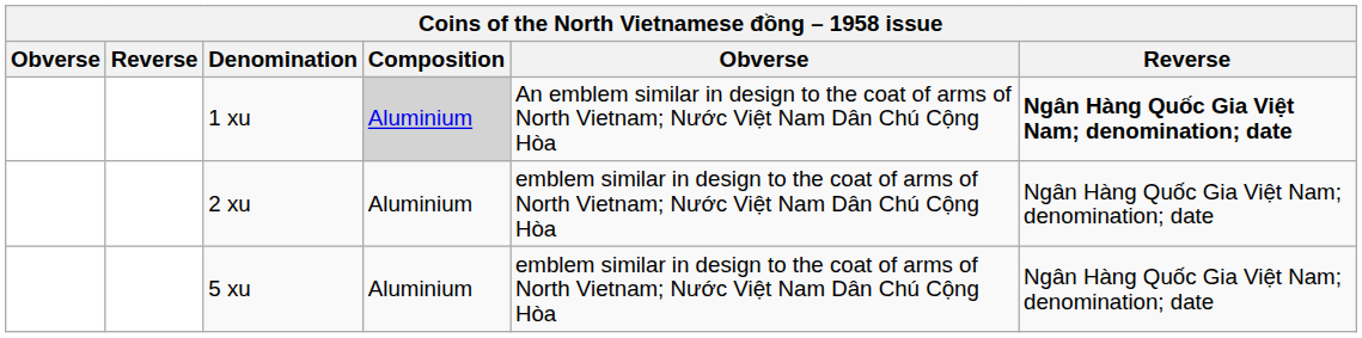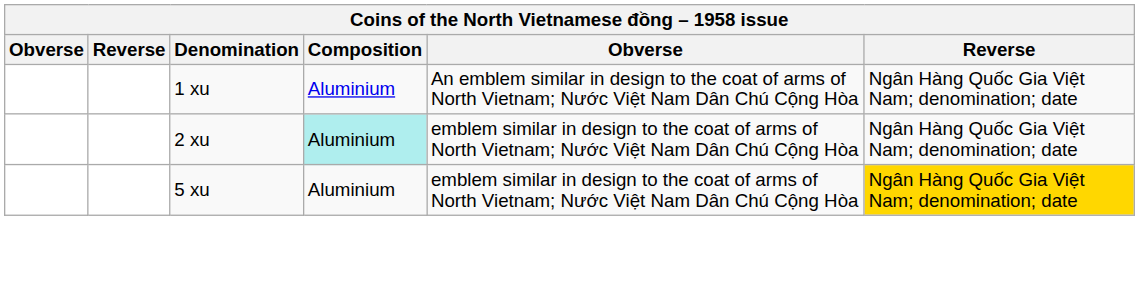 <table class="wikitable" style="font-size: 90%">
 <tr>
 <th colspan="14">Coins of the North Vietnamese đồng – 1958 issue</th>
 </tr>
 <tr>
 <th>Obverse</th>
 <th>Reverse</th>
 <th>Denomination</th>
 <th>Composition</th>
 <th>Obverse</th>
 <th>Reverse</th>
 </tr>
 <tr>
 <td style="text-align:center; background:#fff;"></td>
 <td style="text-align:center; background:#fff;"></td>
 <td>1 xu</td>
-<td style="background: lightgrey;"><a href='#'>Aluminium</a></td>
+<td><a href='#'>Aluminium</a></td>
 <td>An emblem similar in design to the coat of arms of North Vietnam; Nước Việt Nam Dân Chú Cộng Hòa</td>
-<td><strong>Ngân Hàng Quốc Gia Việt Nam; denomination; date</strong></td>
+<td>Ngân Hàng Quốc Gia Việt Nam; denomination; date</td>
 </tr>
 <tr>
 <td style="text-align:center; background:#fff;"></td>
 <td style="text-align:center; background:#fff;"></td>
 <td>2 xu</td>
-<td>Aluminium</td>
+<td style="background: paleturquoise;">Aluminium</td>
 <td>emblem similar in design to the coat of arms of North Vietnam; Nước Việt Nam Dân Chú Cộng Hòa</td>
 <td>Ngân Hàng Quốc Gia Việt Nam; denomination; date</td>
 </tr>
 <tr>
 <td style="text-align:center; background:#fff;"></td>
 <td style="text-align:center; background:#fff;"></td>
 <td>5 xu</td>
 <td>Aluminium</td>
 <td>emblem similar in design to the coat of arms of North Vietnam; Nước Việt Nam Dân Chú Cộng Hòa</td>
-<td>Ngân Hàng Quốc Gia Việt Nam; denomination; date</td>
+<td style="background: gold;">Ngân Hàng Quốc Gia Việt Nam; denomination; date</td>
 </tr>
 </table>
